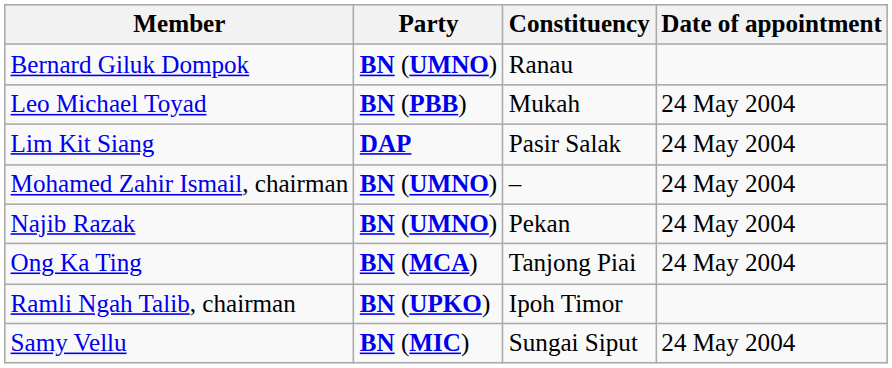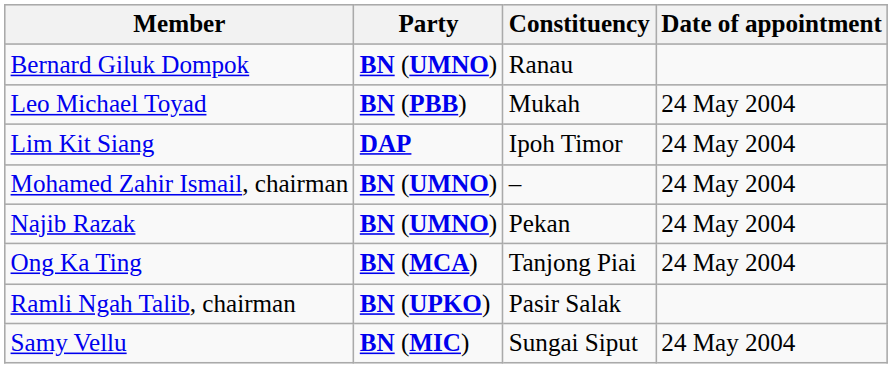 <table class=wikitable>
 <tr>
 <th>Member</th>
 <th>Party</th>
 <th>Constituency</th>
 <th>Date of appointment</th>
 </tr>
 <tr>
 <td><a href='#'>Bernard Giluk Dompok</a></td>
 <td><strong><a href='#'>BN</a></strong> (<strong><a href='#'>UMNO</a></strong>)</td>
 <td>Ranau</td>
 <td></td>
 </tr>
 <tr>
 <td><a href='#'>Leo Michael Toyad</a></td>
 <td><strong><a href='#'>BN</a></strong> (<strong><a href='#'>PBB</a></strong>)</td>
 <td>Mukah</td>
 <td>24 May 2004</td>
 </tr>
 <tr>
 <td><a href='#'>Lim Kit Siang</a></td>
 <td><strong><a href='#'>DAP</a></strong></td>
-<td>Pasir Salak</td>
+<td>Ipoh Timor</td>
 <td>24 May 2004</td>
 </tr>
 <tr>
 <td><a href='#'>Mohamed Zahir Ismail</a>, chairman</td>
 <td><strong><a href='#'>BN</a></strong> (<strong><a href='#'>UMNO</a></strong>)</td>
 <td>–</td>
 <td>24 May 2004</td>
 </tr>
 <tr>
 <td><a href='#'>Najib Razak</a></td>
 <td><strong><a href='#'>BN</a></strong> (<strong><a href='#'>UMNO</a></strong>)</td>
 <td>Pekan</td>
 <td>24 May 2004</td>
 </tr>
 <tr>
 <td><a href='#'>Ong Ka Ting</a></td>
 <td><strong><a href='#'>BN</a></strong> (<strong><a href='#'>MCA</a></strong>)</td>
 <td>Tanjong Piai</td>
 <td>24 May 2004</td>
 </tr>
 <tr>
 <td><a href='#'>Ramli Ngah Talib</a>, chairman</td>
 <td><strong><a href='#'>BN</a></strong> (<strong><a href='#'>UPKO</a></strong>)</td>
-<td>Ipoh Timor</td>
+<td>Pasir Salak</td>
 <td></td>
 </tr>
 <tr>
 <td><a href='#'>Samy Vellu</a></td>
 <td><strong><a href='#'>BN</a></strong> (<strong><a href='#'>MIC</a></strong>)</td>
 <td>Sungai Siput</td>
 <td>24 May 2004</td>
 </tr>
 </table>
